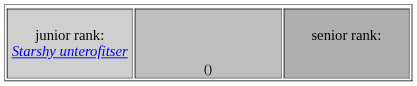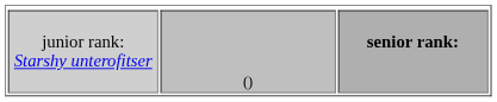 <table class="wikipedia sortable" border="1">
 <tr>
 </tr>
 <tr>
 <td width="30%" align="center" style="background:#cfcfcf;">junior rank:<br><a href='#'><em>Starshy unterofitser</em></a></td>
 <td width="35%" align="center" style="background:#bfbfbf;"><br> <br><strong></strong><br><small>()</small></td>
-<td width="30%" align="center" style="background:#afafaf;">senior rank:<br><br><small></small></td>
+<td width="30%" align="center" style="background:#afafaf;"><strong>senior rank:<br><br><small></small></strong></td>
 </tr>
 </table>
